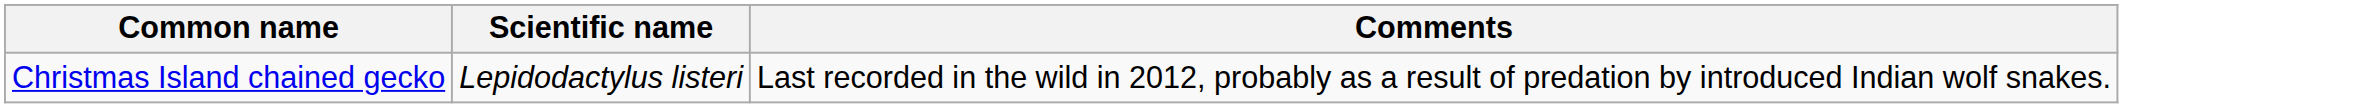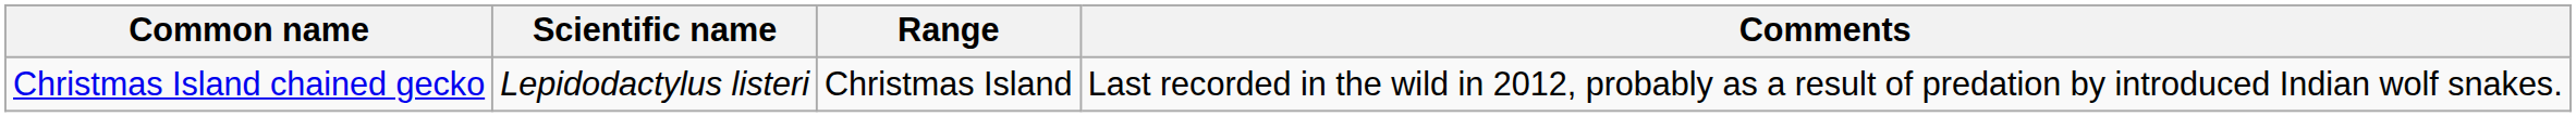 <table class="wikitable">
 <tr>
 <th>Common name</th>
 <th>Scientific name</th>
+<th>Range</th>
 <th class="unsortable">Comments</th>
 </tr>
 <tr>
 <td><a href='#'>Christmas Island chained gecko</a></td>
 <td><em>Lepidodactylus listeri</em></td>
+<td>Christmas Island</td>
 <td>Last recorded in the wild in 2012, probably as a result of predation by introduced Indian wolf snakes.</td>
 </tr>
 </table>
